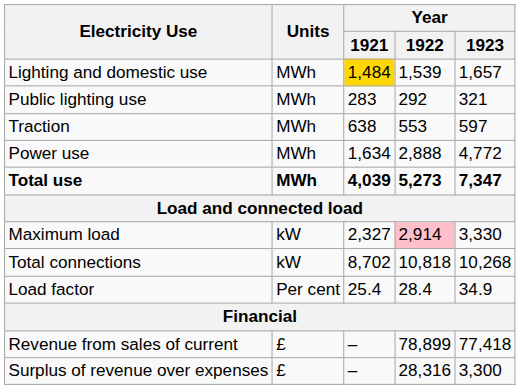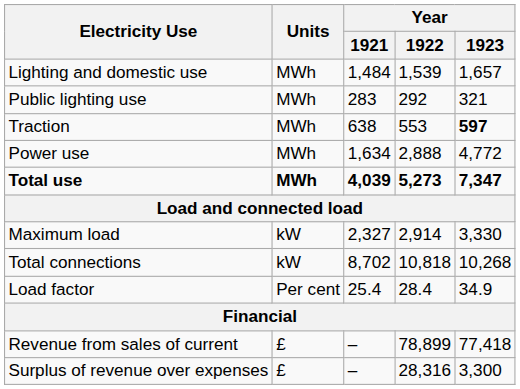 <table class="wikitable">
 <tr>
 <th rowspan="2">Electricity  Use</th>
 <th rowspan="2">Units</th>
 <th colspan="3">Year</th>
 </tr>
 <tr>
 <th>1921</th>
 <th>1922</th>
 <th>1923</th>
 </tr>
 <tr>
 <td>Lighting  and domestic use</td>
 <td>MWh</td>
-<td style="background: gold;">1,484</td>
+<td>1,484</td>
 <td>1,539</td>
 <td>1,657</td>
 </tr>
 <tr>
 <td>Public  lighting use</td>
 <td>MWh</td>
 <td>283</td>
 <td>292</td>
 <td>321</td>
 </tr>
 <tr>
 <td>Traction</td>
 <td>MWh</td>
 <td>638</td>
 <td>553</td>
-<td>597</td>
+<td><strong>597</strong></td>
 </tr>
 <tr>
 <td>Power  use</td>
 <td>MWh</td>
 <td>1,634</td>
 <td>2,888</td>
 <td>4,772</td>
 </tr>
 <tr>
 <td><strong>Total  use</strong></td>
 <td><strong>MWh</strong></td>
 <td><strong>4,039</strong></td>
 <td><strong>5,273</strong></td>
 <td><strong>7,347</strong></td>
 </tr>
 <tr>
 <th colspan="5">Load  and connected load</th>
 </tr>
 <tr>
 <td>Maximum  load</td>
 <td>kW</td>
 <td>2,327</td>
-<td style="background: pink;">2,914</td>
+<td>2,914</td>
 <td>3,330</td>
 </tr>
 <tr>
 <td>Total  connections</td>
 <td>kW</td>
 <td>8,702</td>
 <td>10,818</td>
 <td>10,268</td>
 </tr>
 <tr>
 <td>Load  factor</td>
 <td>Per  cent</td>
 <td>25.4</td>
 <td>28.4</td>
 <td>34.9</td>
 </tr>
 <tr>
 <th colspan="5">Financial</th>
 </tr>
 <tr>
 <td>Revenue  from sales of current</td>
 <td>£</td>
 <td>–</td>
 <td>78,899</td>
 <td>77,418</td>
 </tr>
 <tr>
 <td>Surplus  of revenue over expenses</td>
 <td>£</td>
 <td>–</td>
 <td>28,316</td>
 <td>3,300</td>
 </tr>
 </table>
